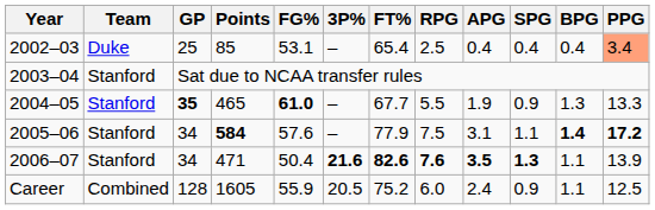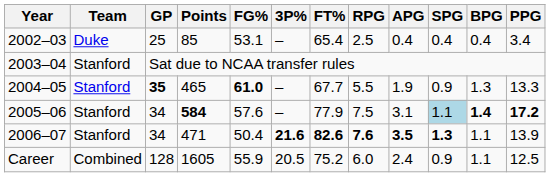 <table class="wikitable">
 <tr>
 <th>Year</th>
 <th>Team</th>
 <th>GP</th>
 <th>Points</th>
 <th>FG%</th>
 <th>3P%</th>
 <th>FT%</th>
 <th>RPG</th>
 <th>APG</th>
 <th>SPG</th>
 <th>BPG</th>
 <th>PPG</th>
 </tr>
 <tr>
 <td>2002–03</td>
 <td><a href='#'>Duke</a></td>
 <td>25</td>
 <td>85</td>
 <td>53.1</td>
 <td>–</td>
 <td>65.4</td>
 <td>2.5</td>
 <td>0.4</td>
 <td>0.4</td>
 <td>0.4</td>
-<td style="background: lightsalmon;">3.4</td>
+<td>3.4</td>
 </tr>
 <tr>
 <td>2003–04</td>
 <td>Stanford</td>
 <td colspan="10">Sat due to NCAA transfer rules</td>
 </tr>
 <tr>
 <td>2004–05</td>
 <td><a href='#'>Stanford</a></td>
 <td><strong>35</strong></td>
 <td>465</td>
 <td><strong>61.0</strong></td>
 <td>–</td>
 <td>67.7</td>
 <td>5.5</td>
 <td>1.9</td>
 <td>0.9</td>
 <td>1.3</td>
 <td>13.3</td>
 </tr>
 <tr>
 <td>2005–06</td>
 <td>Stanford</td>
 <td>34</td>
 <td><strong>584</strong></td>
 <td>57.6</td>
 <td>–</td>
 <td>77.9</td>
 <td>7.5</td>
 <td>3.1</td>
-<td>1.1</td>
+<td style="background: lightblue;">1.1</td>
 <td><strong>1.4</strong></td>
 <td><strong>17.2</strong></td>
 </tr>
 <tr>
 <td>2006–07</td>
 <td>Stanford</td>
 <td>34</td>
 <td>471</td>
 <td>50.4</td>
 <td><strong>21.6</strong></td>
 <td><strong>82.6</strong></td>
 <td><strong>7.6</strong></td>
 <td><strong>3.5</strong></td>
 <td><strong>1.3</strong></td>
 <td>1.1</td>
 <td>13.9</td>
 </tr>
 <tr>
 <td>Career</td>
 <td>Combined</td>
 <td>128</td>
 <td>1605</td>
 <td>55.9</td>
 <td>20.5</td>
 <td>75.2</td>
 <td>6.0</td>
 <td>2.4</td>
 <td>0.9</td>
 <td>1.1</td>
 <td>12.5</td>
 </tr>
 </table>
